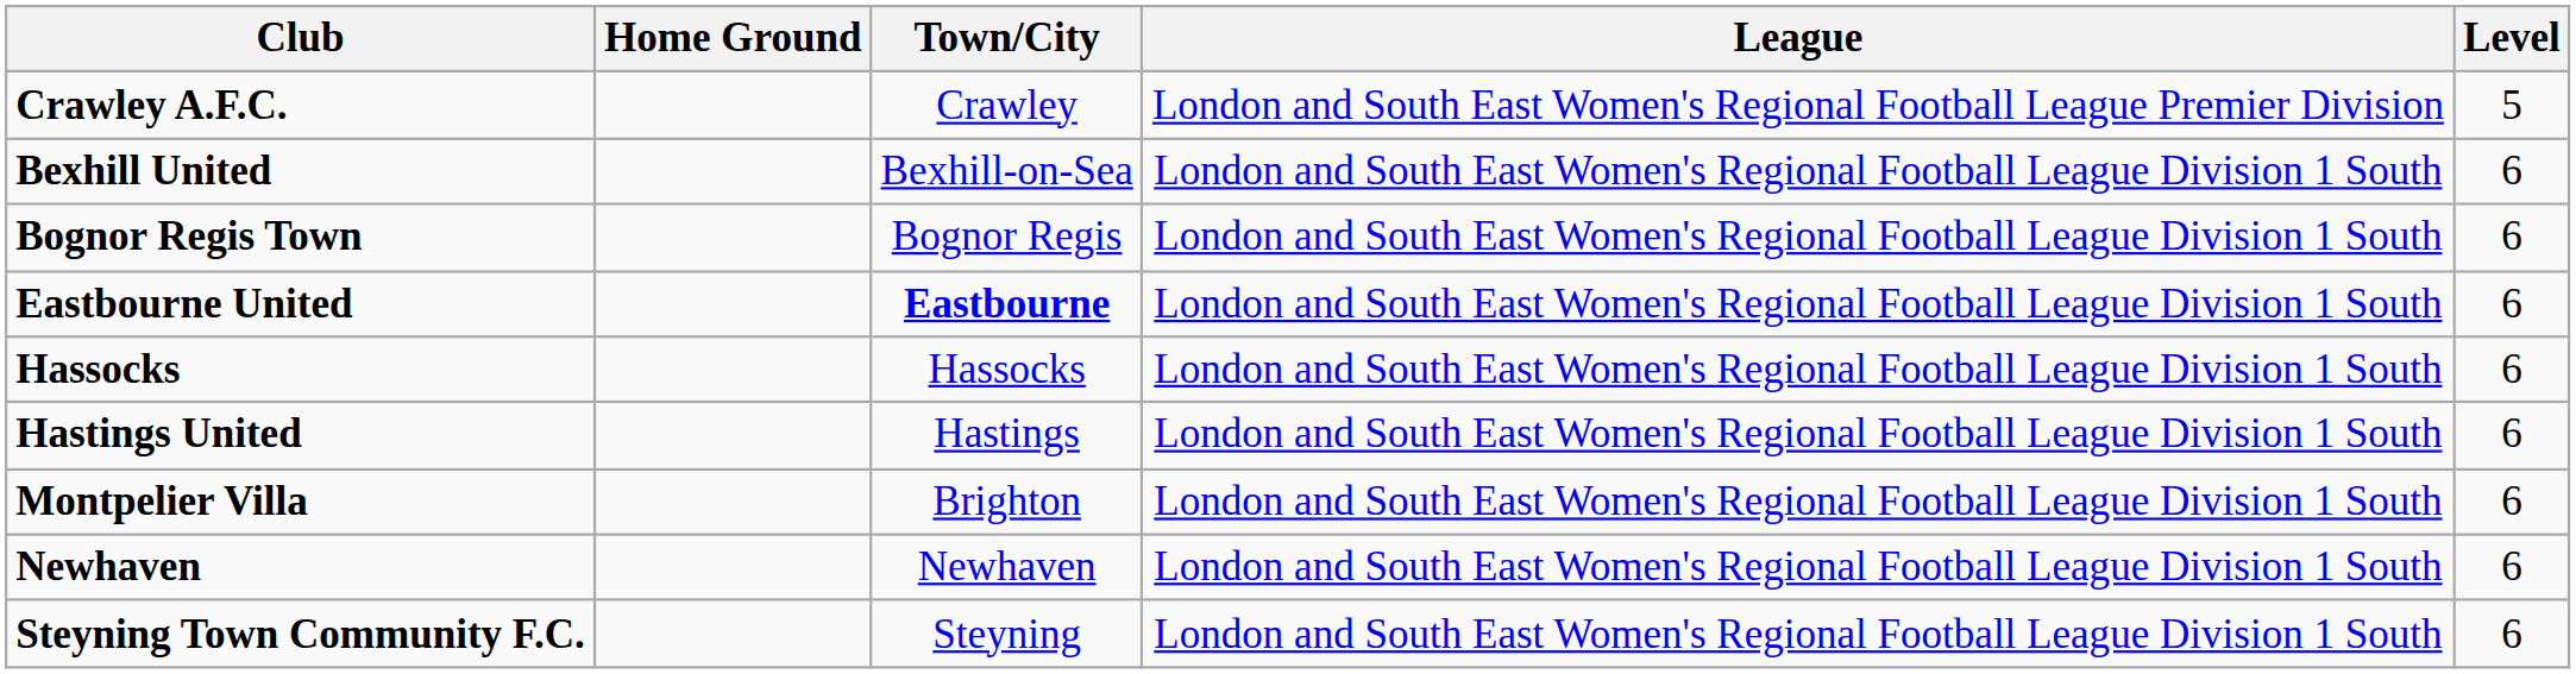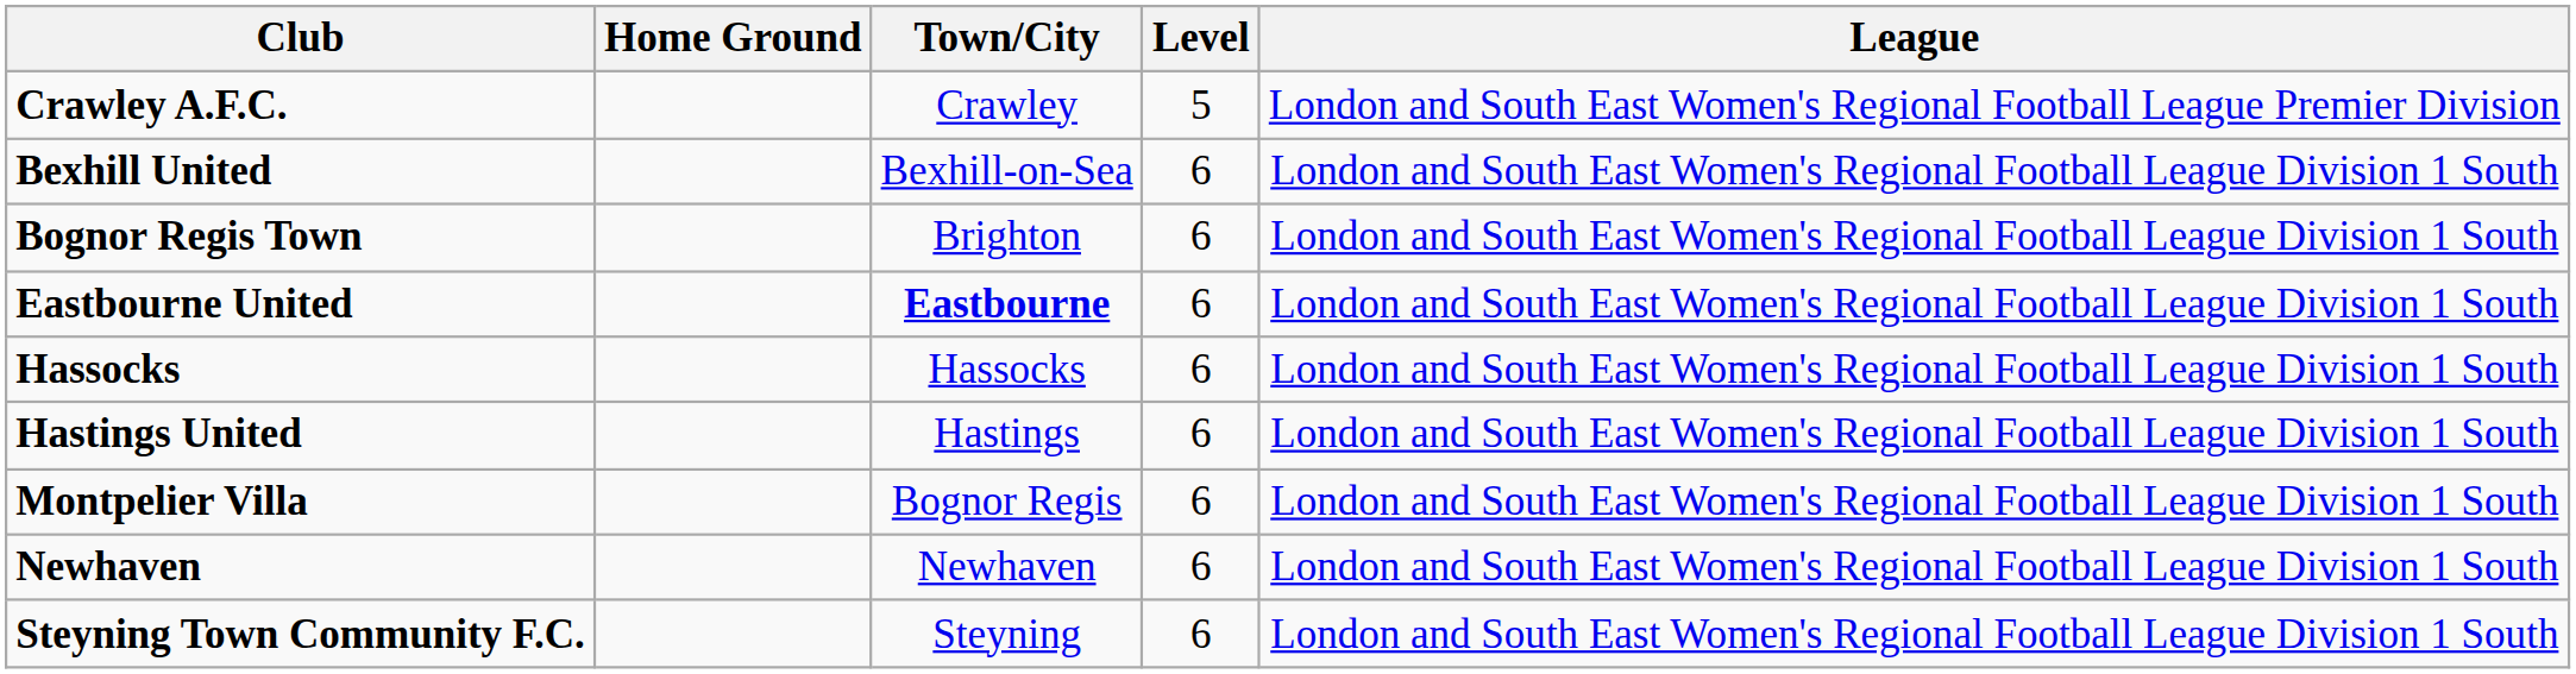 <table class="wikitable sortable" border="1" style="text-align:center;">
 <tr>
 <th>Club<br></th>
 <th>Home Ground</th>
 <th>Town/City</th>
+<th>Level</th>
 <th>League</th>
-<th>Level</th>
 </tr>
 <tr>
 <td style="text-align:left;"><strong>Crawley A.F.C.</strong></td>
 <td></td>
 <td><a href='#'>Crawley</a></td>
+<td>5</td>
 <td><a href='#'>London and South East Women's Regional Football League Premier Division</a></td>
-<td>5</td>
 </tr>
 <tr>
 <td style="text-align:left;"><strong>Bexhill United</strong></td>
 <td></td>
 <td><a href='#'>Bexhill-on-Sea</a></td>
+<td>6</td>
 <td><a href='#'>London and South East Women's Regional Football League Division 1 South</a></td>
-<td>6</td>
 </tr>
 <tr>
 <td style="text-align:left;"><strong>Bognor Regis Town</strong></td>
 <td></td>
-<td><a href='#'>Bognor Regis</a></td>
+<td><a href='#'>Brighton</a></td>
+<td>6</td>
 <td><a href='#'>London and South East Women's Regional Football League Division 1 South</a></td>
-<td>6</td>
 </tr>
 <tr>
 <td style="text-align:left;"><strong>Eastbourne United</strong></td>
 <td></td>
 <td><strong><a href='#'>Eastbourne</a></strong></td>
+<td>6</td>
 <td><a href='#'>London and South East Women's Regional Football League Division 1 South</a></td>
-<td>6</td>
 </tr>
 <tr>
 <td style="text-align:left;"><strong>Hassocks</strong></td>
 <td></td>
 <td><a href='#'>Hassocks</a></td>
+<td>6</td>
 <td><a href='#'>London and South East Women's Regional Football League Division 1 South</a></td>
-<td>6</td>
 </tr>
 <tr>
 <td style="text-align:left;"><strong>Hastings United</strong></td>
 <td></td>
 <td><a href='#'>Hastings</a></td>
+<td>6</td>
 <td><a href='#'>London and South East Women's Regional Football League Division  1 South</a></td>
-<td>6</td>
 </tr>
 <tr>
 <td style="text-align:left;"><strong>Montpelier Villa</strong></td>
 <td></td>
-<td><a href='#'>Brighton</a></td>
+<td><a href='#'>Bognor Regis</a></td>
+<td>6</td>
 <td><a href='#'>London and South East Women's Regional Football League Division 1 South</a></td>
-<td>6</td>
 </tr>
 <tr>
 <td style="text-align:left;"><strong>Newhaven</strong></td>
 <td></td>
 <td><a href='#'>Newhaven</a></td>
+<td>6</td>
 <td><a href='#'>London and South East Women's Regional Football League Division 1 South</a></td>
-<td>6</td>
 </tr>
 <tr>
 <td style="text-align:left;"><strong>Steyning Town Community F.C.</strong></td>
 <td></td>
 <td><a href='#'>Steyning</a></td>
+<td>6</td>
 <td><a href='#'>London and South East Women's Regional Football League Division 1 South</a></td>
-<td>6</td>
 </tr>
 </table>
